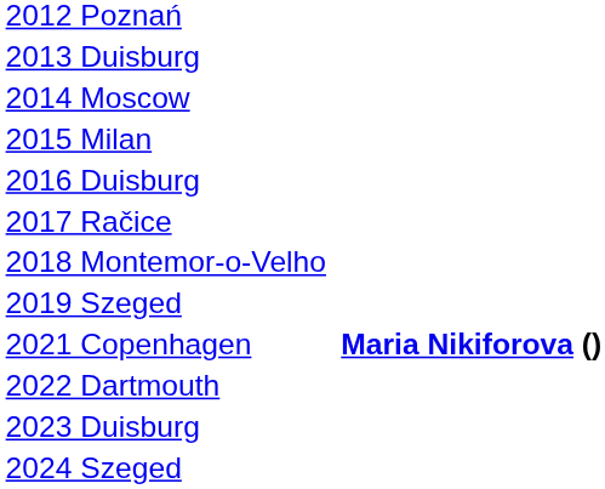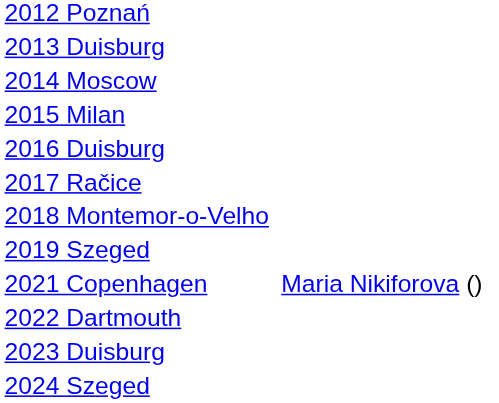 <table>
 <tr>
 <td><a href='#'>2012 Poznań</a></td>
 <td></td>
 <td></td>
 <td></td>
 </tr>
 <tr>
 <td><a href='#'>2013 Duisburg</a></td>
 <td></td>
 <td></td>
 <td></td>
 </tr>
 <tr>
 <td><a href='#'>2014 Moscow</a></td>
 <td></td>
 <td></td>
 <td></td>
 </tr>
 <tr>
 <td><a href='#'>2015 Milan</a></td>
 <td></td>
 <td></td>
 <td></td>
 </tr>
 <tr>
 <td><a href='#'>2016 Duisburg</a></td>
 <td></td>
 <td></td>
 <td></td>
 </tr>
 <tr>
 <td><a href='#'>2017 Račice</a></td>
 <td></td>
 <td></td>
 <td></td>
 </tr>
 <tr>
 <td><a href='#'>2018 Montemor-o-Velho</a></td>
 <td></td>
 <td></td>
 <td></td>
 </tr>
 <tr>
 <td><a href='#'>2019 Szeged</a></td>
 <td></td>
 <td></td>
 <td></td>
 </tr>
 <tr>
 <td><a href='#'>2021 Copenhagen</a></td>
 <td></td>
-<td><strong> <a href='#'>Maria Nikiforova</a> ()</strong></td>
+<td> <a href='#'>Maria Nikiforova</a> ()</td>
 <td></td>
 </tr>
 <tr>
 <td><a href='#'>2022 Dartmouth</a></td>
 <td></td>
 <td></td>
 <td></td>
 </tr>
 <tr>
 <td><a href='#'>2023 Duisburg</a></td>
 <td></td>
 <td></td>
 <td></td>
 </tr>
 <tr>
 <td><a href='#'>2024 Szeged</a></td>
 <td></td>
 <td></td>
 <td></td>
 </tr>
 </table>
